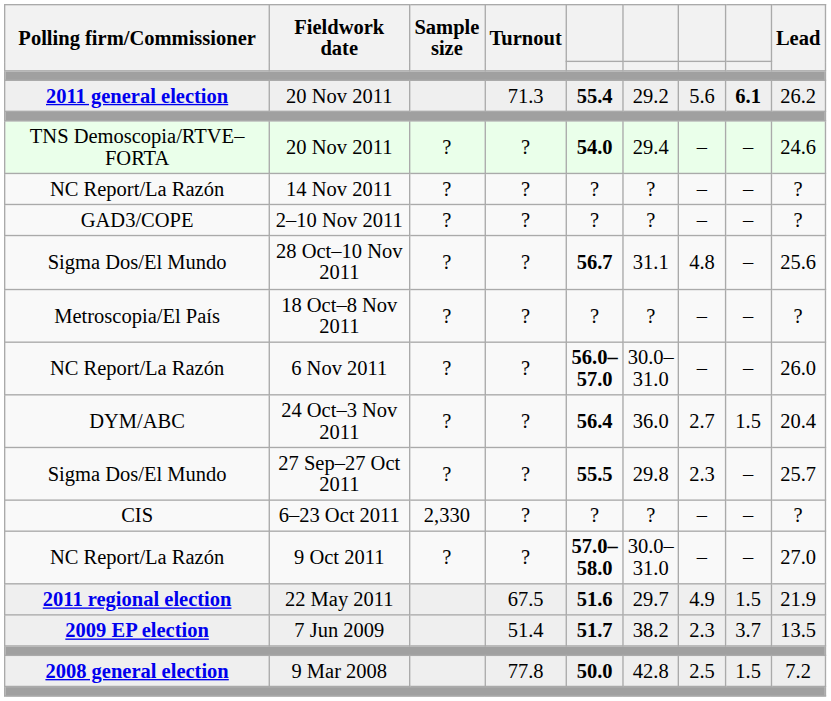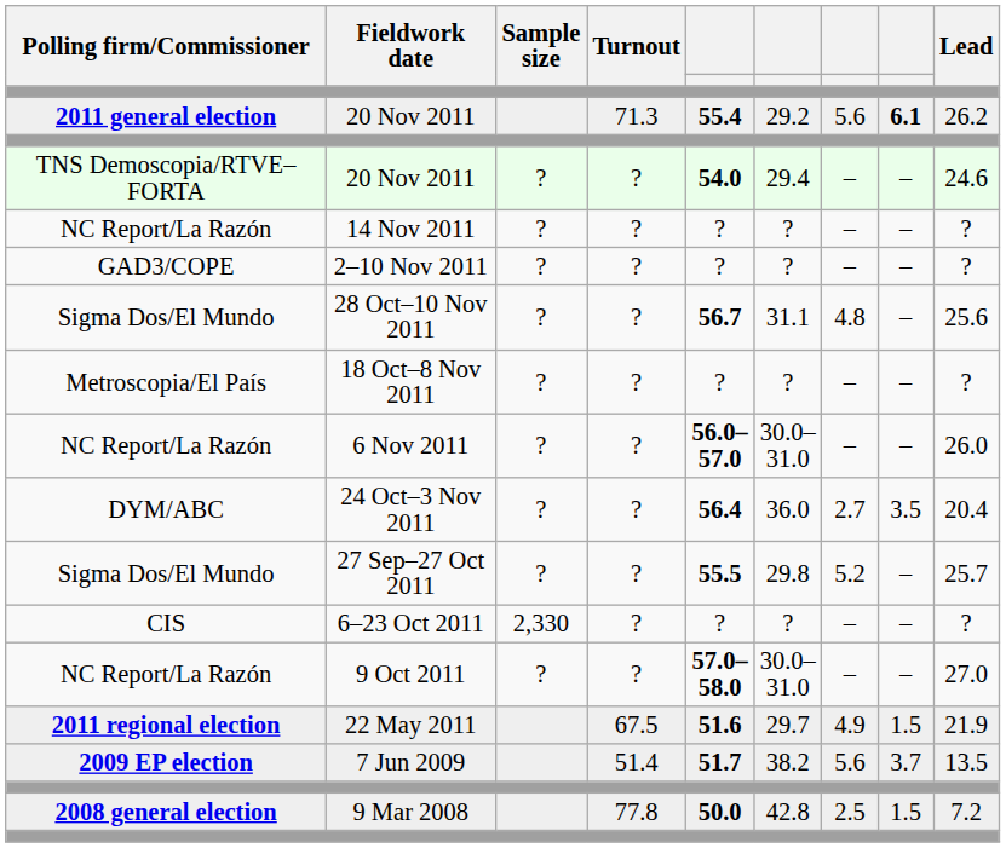 <table class="wikitable collapsible collapsed" style="text-align:center; font-size:95%; line-height:16px;">
 <tr style="height:42px;">
 <th style="width:250px;" rowspan="2">Polling firm/Commissioner</th>
 <th style="width:125px;" rowspan="2">Fieldwork date</th>
 <th style="width:50px;" rowspan="2">Sample size</th>
 <th style="width:45px;" rowspan="2">Turnout</th>
 <th style="width:35px;"></th>
 <th style="width:35px;"></th>
 <th style="width:35px;"></th>
 <th style="width:35px;"></th>
 <th style="width:30px;" rowspan="2">Lead</th>
 </tr>
 <tr>
 <th style="color:inherit;background:"></th>
 <th style="color:inherit;background:"></th>
 <th style="color:inherit;background:"></th>
 <th style="color:inherit;background:"></th>
 </tr>
 <tr>
 <td colspan="9" style="background:#A0A0A0"></td>
 </tr>
 <tr style="background:#EFEFEF;">
 <td><strong><a href='#'>2011 general election</a></strong></td>
 <td>20 Nov 2011</td>
 <td></td>
 <td>71.3</td>
 <td><strong>55.4</strong><br></td>
 <td>29.2<br></td>
 <td>5.6<br></td>
 <td><strong>6.1<br></strong></td>
 <td style="background:">26.2</td>
 </tr>
 <tr>
 <td colspan="9" style="background:#A0A0A0"></td>
 </tr>
 <tr style="background:#EAFFEA;">
 <td>TNS Demoscopia/RTVE–FORTA</td>
 <td>20 Nov 2011</td>
 <td>?</td>
 <td>?</td>
 <td><strong>54.0</strong><br></td>
 <td>29.4<br></td>
 <td>–</td>
 <td>–</td>
 <td style="background:">24.6</td>
 </tr>
 <tr>
 <td>NC Report/La Razón</td>
 <td>14 Nov 2011</td>
 <td>?</td>
 <td>?</td>
 <td>?<br></td>
 <td>?<br></td>
 <td>–</td>
 <td>–</td>
 <td style="background:">?</td>
 </tr>
 <tr>
 <td>GAD3/COPE</td>
 <td>2–10 Nov 2011</td>
 <td>?</td>
 <td>?</td>
 <td>?<br></td>
 <td>?<br></td>
 <td>–</td>
 <td>–</td>
 <td style="background:">?</td>
 </tr>
 <tr>
 <td>Sigma Dos/El Mundo</td>
 <td>28 Oct–10 Nov 2011</td>
 <td>?</td>
 <td>?</td>
 <td><strong>56.7</strong><br></td>
 <td>31.1<br></td>
 <td>4.8<br></td>
 <td>–</td>
 <td style="background:">25.6</td>
 </tr>
 <tr>
 <td>Metroscopia/El País</td>
 <td>18 Oct–8 Nov 2011</td>
 <td>?</td>
 <td>?</td>
 <td>?<br></td>
 <td>?<br></td>
 <td>–</td>
 <td>–</td>
 <td style="background:">?</td>
 </tr>
 <tr>
 <td>NC Report/La Razón</td>
 <td>6 Nov 2011</td>
 <td>?</td>
 <td>?</td>
 <td><strong>56.0–<br>57.0</strong><br></td>
 <td>30.0–<br>31.0<br></td>
 <td>–</td>
 <td>–</td>
 <td style="background:">26.0</td>
 </tr>
 <tr>
 <td>DYM/ABC</td>
 <td>24 Oct–3 Nov 2011</td>
 <td>?</td>
 <td>?</td>
 <td><strong>56.4</strong><br></td>
 <td>36.0<br></td>
 <td>2.7<br></td>
-<td>1.5<br></td>
+<td>3.5<br></td>
 <td style="background:">20.4</td>
 </tr>
 <tr>
 <td>Sigma Dos/El Mundo</td>
 <td>27 Sep–27 Oct 2011</td>
 <td>?</td>
 <td>?</td>
 <td><strong>55.5</strong><br></td>
 <td>29.8<br></td>
-<td>2.3<br></td>
+<td>5.2<br></td>
 <td>–</td>
 <td style="background:">25.7</td>
 </tr>
 <tr>
 <td>CIS</td>
 <td>6–23 Oct 2011</td>
 <td>2,330</td>
 <td>?</td>
 <td>?<br></td>
 <td>?<br></td>
 <td>–</td>
 <td>–</td>
 <td style="background:">?</td>
 </tr>
 <tr>
 <td>NC Report/La Razón</td>
 <td>9 Oct 2011</td>
 <td>?</td>
 <td>?</td>
 <td><strong>57.0–<br>58.0</strong><br></td>
 <td>30.0–<br>31.0<br></td>
 <td>–</td>
 <td>–</td>
 <td style="background:">27.0</td>
 </tr>
 <tr style="background:#EFEFEF;">
 <td><strong><a href='#'>2011 regional election</a></strong></td>
 <td>22 May 2011</td>
 <td></td>
 <td>67.5</td>
 <td><strong>51.6</strong><br></td>
 <td>29.7<br></td>
 <td>4.9<br></td>
 <td>1.5<br></td>
 <td style="background:">21.9</td>
 </tr>
 <tr style="background:#EFEFEF;">
 <td><strong><a href='#'>2009 EP election</a></strong></td>
 <td>7 Jun 2009</td>
 <td></td>
 <td>51.4</td>
 <td><strong>51.7</strong><br></td>
 <td>38.2<br></td>
-<td>2.3<br></td>
+<td>5.6<br></td>
 <td>3.7<br></td>
 <td style="background:">13.5</td>
 </tr>
 <tr>
 <td colspan="9" style="background:#A0A0A0"></td>
 </tr>
 <tr style="background:#EFEFEF;">
 <td><strong><a href='#'>2008 general election</a></strong></td>
 <td>9 Mar 2008</td>
 <td></td>
 <td>77.8</td>
 <td><strong>50.0</strong><br></td>
 <td>42.8<br></td>
 <td>2.5<br></td>
 <td>1.5<br></td>
 <td style="background:">7.2</td>
 </tr>
 <tr>
 <td colspan="9" style="background:#A0A0A0"></td>
 </tr>
 </table>
